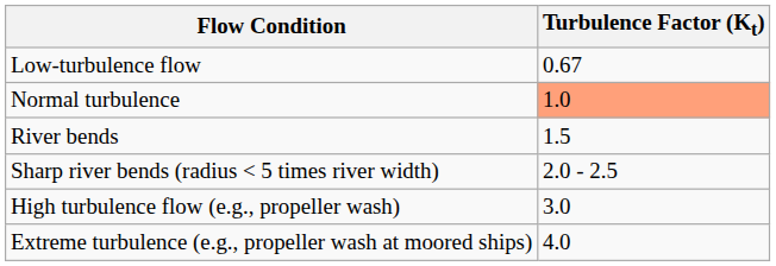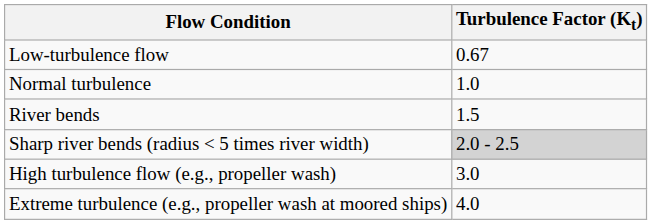 <table class="wikitable">
 <tr>
 <th>Flow Condition</th>
 <th>Turbulence Factor (K<sub>t</sub>)</th>
 </tr>
 <tr>
 <td>Low-turbulence flow</td>
 <td>0.67</td>
 </tr>
 <tr>
 <td>Normal turbulence</td>
-<td style="background: lightsalmon;">1.0</td>
+<td>1.0</td>
 </tr>
 <tr>
 <td>River bends</td>
 <td>1.5</td>
 </tr>
 <tr>
 <td>Sharp river bends (radius < 5 times river width)</td>
-<td>2.0 - 2.5</td>
+<td style="background: lightgrey;">2.0 - 2.5</td>
 </tr>
 <tr>
 <td>High turbulence flow (e.g., propeller wash)</td>
 <td>3.0</td>
 </tr>
 <tr>
 <td>Extreme turbulence (e.g., propeller wash at moored ships)</td>
 <td>4.0</td>
 </tr>
 </table>
